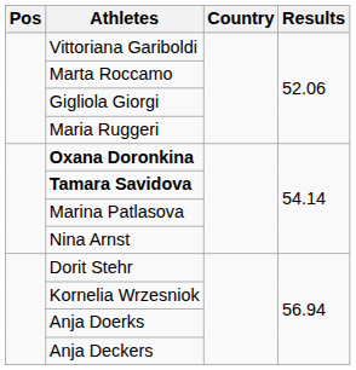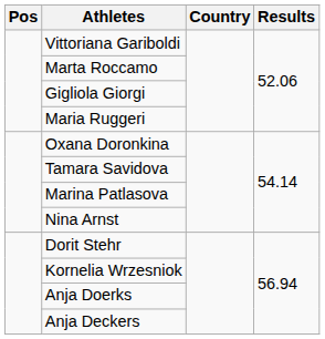 <table class="wikitable">
 <tr>
 <th>Pos</th>
 <th>Athletes</th>
 <th>Country</th>
 <th>Results</th>
 </tr>
 <tr>
 <td rowspan="4"></td>
 <td>Vittoriana Gariboldi</td>
 <td rowspan="4"></td>
 <td rowspan="4">52.06</td>
 </tr>
 <tr>
 <td>Marta Roccamo</td>
 </tr>
 <tr>
 <td>Gigliola Giorgi</td>
 </tr>
 <tr>
 <td>Maria Ruggeri</td>
 </tr>
 <tr>
 <td rowspan="4"></td>
-<td><strong>Oxana Doronkina</strong></td>
+<td>Oxana Doronkina</td>
 <td rowspan="4"></td>
 <td rowspan="4">54.14</td>
 </tr>
 <tr>
-<td><strong>Tamara Savidova</strong></td>
+<td>Tamara Savidova</td>
 </tr>
 <tr>
 <td>Marina Patlasova</td>
 </tr>
 <tr>
 <td>Nina Arnst</td>
 </tr>
 <tr>
 <td rowspan="4"></td>
 <td>Dorit Stehr</td>
 <td rowspan="4"></td>
 <td rowspan="4">56.94</td>
 </tr>
 <tr>
 <td>Kornelia Wrzesniok</td>
 </tr>
 <tr>
 <td>Anja Doerks</td>
 </tr>
 <tr>
 <td>Anja Deckers</td>
 </tr>
 </table>
